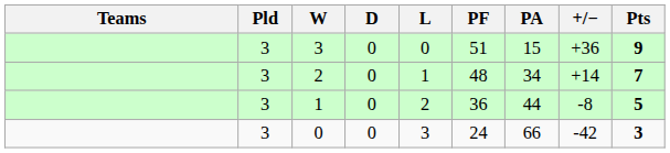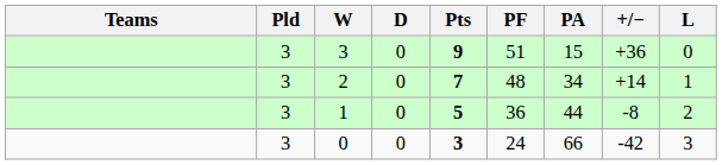 <table class="wikitable" style="text-align: center;">
 <tr>
 <th width="200">Teams</th>
 <th width="40">Pld</th>
 <th width="40">W</th>
 <th width="40">D</th>
-<th width="40">L</th>
+<th width="40">Pts</th>
 <th width="40">PF</th>
 <th width="40">PA</th>
 <th width="40">+/−</th>
-<th width="40">Pts</th>
+<th width="40">L</th>
 </tr>
 <tr bgcolor=#ccffcc>
 <td align=left></td>
 <td>3</td>
 <td>3</td>
 <td>0</td>
-<td>0</td>
+<td><strong>9</strong></td>
 <td>51</td>
 <td>15</td>
 <td>+36</td>
-<td><strong>9</strong></td>
+<td>0</td>
 </tr>
 <tr bgcolor=#ccffcc>
 <td align=left></td>
 <td>3</td>
 <td>2</td>
 <td>0</td>
-<td>1</td>
+<td><strong>7</strong></td>
 <td>48</td>
 <td>34</td>
 <td>+14</td>
-<td><strong>7</strong></td>
+<td>1</td>
 </tr>
 <tr bgcolor=#ccffcc>
 <td align=left></td>
 <td>3</td>
 <td>1</td>
 <td>0</td>
-<td>2</td>
+<td><strong>5</strong></td>
 <td>36</td>
 <td>44</td>
 <td>-8</td>
-<td><strong>5</strong></td>
+<td>2</td>
 </tr>
 <tr>
 <td align=left></td>
 <td>3</td>
 <td>0</td>
 <td>0</td>
-<td>3</td>
+<td><strong>3</strong></td>
 <td>24</td>
 <td>66</td>
 <td>-42</td>
-<td><strong>3</strong></td>
+<td>3</td>
 </tr>
 </table>
